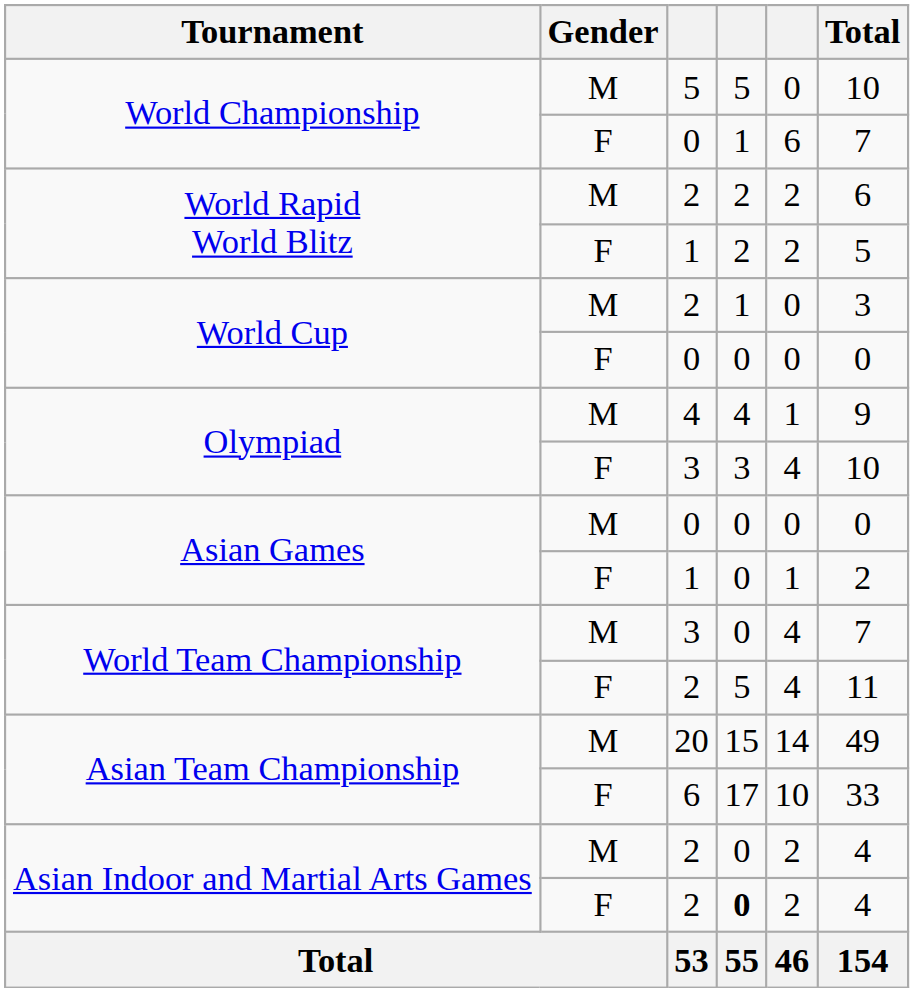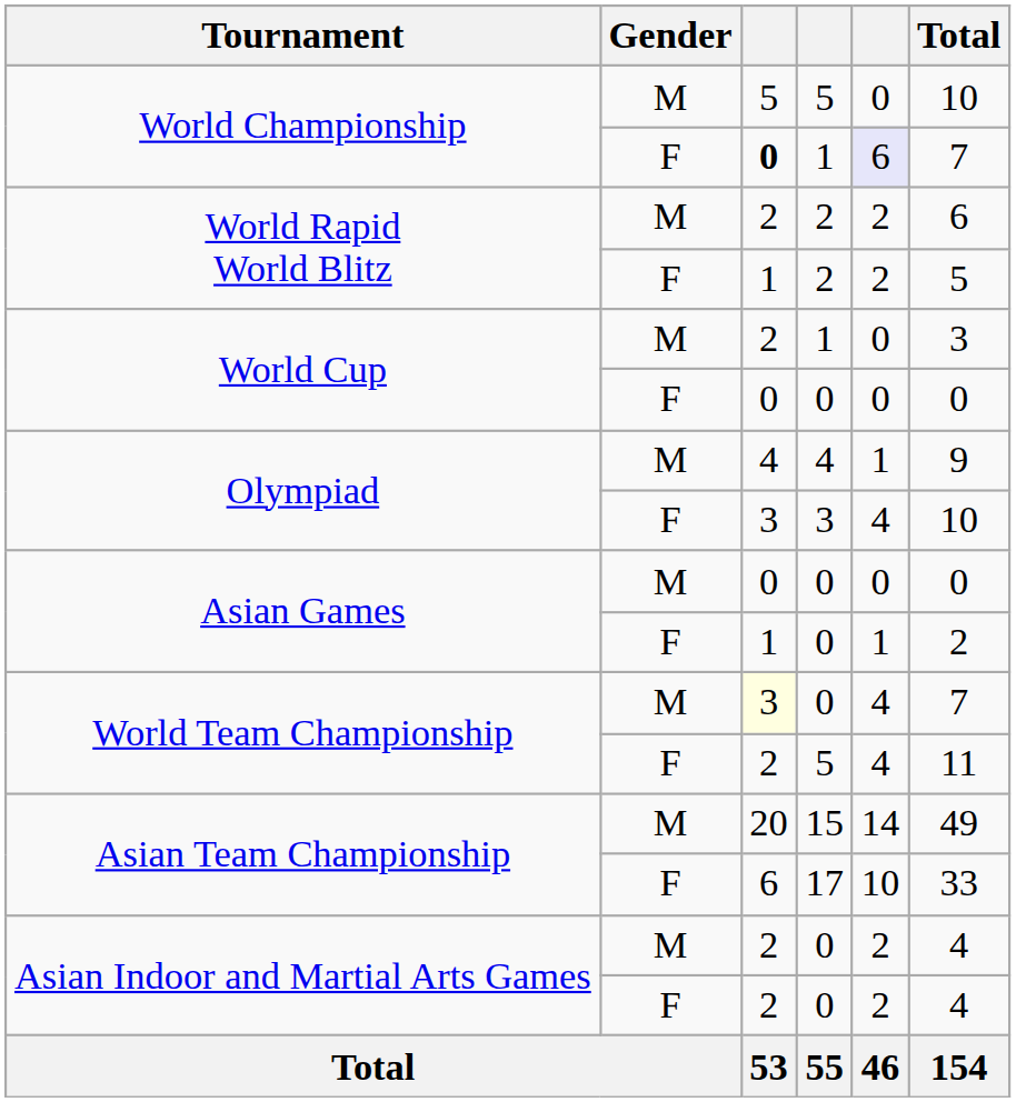 <table class="wikitable sortable" style="text-align:center">
 <tr>
 <th>Tournament</th>
 <th>Gender</th>
 <th></th>
 <th></th>
 <th></th>
 <th>Total</th>
 </tr>
 <tr>
 <td rowspan=2><a href='#'>World Championship</a></td>
 <td>M</td>
 <td>5</td>
 <td>5</td>
 <td>0</td>
 <td>10</td>
 </tr>
 <tr>
 <td>F</td>
-<td>0</td>
+<td><strong>0</strong></td>
 <td>1</td>
-<td>6</td>
+<td style="background: lavender;">6</td>
 <td>7</td>
 </tr>
 <tr>
 <td rowspan=2><a href='#'>World Rapid</a><br><a href='#'>World Blitz</a></td>
 <td>M</td>
 <td>2</td>
 <td>2</td>
 <td>2</td>
 <td>6</td>
 </tr>
 <tr>
 <td>F</td>
 <td>1</td>
 <td>2</td>
 <td>2</td>
 <td>5</td>
 </tr>
 <tr>
 <td rowspan=2><a href='#'>World Cup</a></td>
 <td>M</td>
 <td>2</td>
 <td>1</td>
 <td>0</td>
 <td>3</td>
 </tr>
 <tr>
 <td>F</td>
 <td>0</td>
 <td>0</td>
 <td>0</td>
 <td>0</td>
 </tr>
 <tr>
 <td rowspan=2><a href='#'>Olympiad</a></td>
 <td>M</td>
 <td>4</td>
 <td>4</td>
 <td>1</td>
 <td>9</td>
 </tr>
 <tr>
 <td>F</td>
 <td>3</td>
 <td>3</td>
 <td>4</td>
 <td>10</td>
 </tr>
 <tr>
 <td rowspan=2><a href='#'>Asian Games</a></td>
 <td>M</td>
 <td>0</td>
 <td>0</td>
 <td>0</td>
 <td>0</td>
 </tr>
 <tr>
 <td>F</td>
 <td>1</td>
 <td>0</td>
 <td>1</td>
 <td>2</td>
 </tr>
 <tr>
 <td rowspan=2><a href='#'>World Team Championship</a></td>
 <td>M</td>
-<td>3</td>
+<td style="background: lightyellow;">3</td>
 <td>0</td>
 <td>4</td>
 <td>7</td>
 </tr>
 <tr>
 <td>F</td>
 <td>2</td>
 <td>5</td>
 <td>4</td>
 <td>11</td>
 </tr>
 <tr>
 <td rowspan=2><a href='#'>Asian Team Championship</a></td>
 <td>M</td>
 <td>20</td>
 <td>15</td>
 <td>14</td>
 <td>49</td>
 </tr>
 <tr>
 <td>F</td>
 <td>6</td>
 <td>17</td>
 <td>10</td>
 <td>33</td>
 </tr>
 <tr>
 <td rowspan=2><a href='#'>Asian Indoor and Martial Arts Games</a></td>
 <td>M</td>
 <td>2</td>
 <td>0</td>
 <td>2</td>
 <td>4</td>
 </tr>
 <tr>
 <td>F</td>
 <td>2</td>
-<td><strong>0</strong></td>
+<td>0</td>
 <td>2</td>
 <td>4</td>
 </tr>
 <tr>
 <th colspan=2>Total</th>
 <th>53</th>
 <th>55</th>
 <th>46</th>
 <th>154</th>
 </tr>
 </table>
